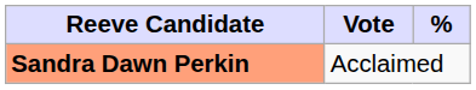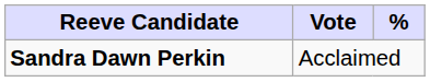 <table class="wikitable">
 <tr>
 <th style="background:#ddf; width:200px;">Reeve Candidate</th>
 <th style="background:#ddf; width:50px;">Vote</th>
 <th style="background:#ddf; width:30px;">%</th>
 </tr>
 <tr>
-<td style="background: lightsalmon;"><strong>Sandra Dawn Perkin</strong></td>
+<td><strong>Sandra Dawn Perkin</strong></td>
 <td colspan="2">Acclaimed</td>
 </tr>
 </table>
